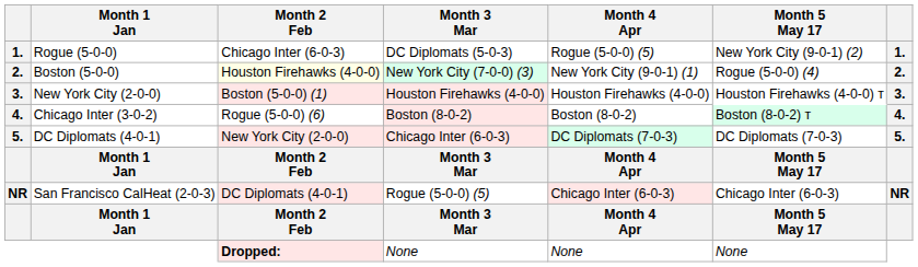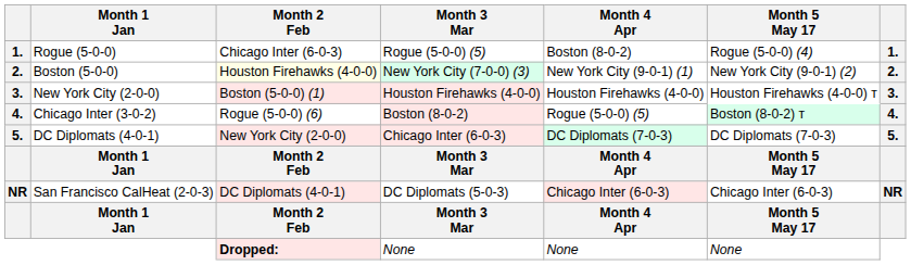 <table class="wikitable" style="font-size:90%; white-space:nowrap;background-color:white">
 <tr>
 <th></th>
 <th>Month 1<br>Jan</th>
 <th>Month 2<br>Feb</th>
 <th>Month 3<br>Mar</th>
 <th>Month 4<br>Apr</th>
 <th>Month 5<br>May 17</th>
 <th></th>
 </tr>
 <tr>
 <th>1.</th>
 <td>Rogue (5-0-0)</td>
 <td>Chicago Inter (6-0-3)</td>
-<td>DC Diplomats (5-0-3)</td>
 <td>Rogue (5-0-0) <em>(5)</em></td>
-<td>New York City (9-0-1) <em>(2)</em></td>
+<td>Boston (8-0-2)</td>
+<td>Rogue (5-0-0) <em>(4)</em></td>
 <th>1.</th>
 </tr>
 <tr>
 <th>2.</th>
 <td>Boston (5-0-0)</td>
 <td style="background-color:#FFFFE6">Houston Firehawks (4-0-0)</td>
 <td style="background-color:#D8FFEB">New York City (7-0-0) <em>(3)</em></td>
 <td>New York City (9-0-1) <em>(1)</em></td>
-<td>Rogue (5-0-0) <em>(4)</em></td>
+<td>New York City (9-0-1) <em>(2)</em></td>
 <th>2.</th>
 </tr>
 <tr>
 <th>3.</th>
 <td>New York City (2-0-0)</td>
 <td style="background-color:#FFE6E6">Boston (5-0-0) <em>(1)</em></td>
 <td style="background-color:#FFE6E6">Houston Firehawks (4-0-0)</td>
 <td>Houston Firehawks (4-0-0)</td>
 <td style="background-color:white;border-bottom:1px solid white">Houston Firehawks (4-0-0) т</td>
 <th>3.</th>
 </tr>
 <tr>
 <th>4.</th>
 <td>Chicago Inter (3-0-2)</td>
 <td>Rogue (5-0-0) <em>(6)</em></td>
 <td style="background-color:#FFE6E6">Boston (8-0-2)</td>
-<td>Boston (8-0-2)</td>
+<td>Rogue (5-0-0) <em>(5)</em></td>
 <td style="background-color:#D8FFEB">Boston (8-0-2) т</td>
 <th>4.</th>
 </tr>
 <tr>
 <th>5.</th>
 <td>DC Diplomats (4-0-1)</td>
 <td style="background-color:#FFE6E6">New York City (2-0-0)</td>
 <td style="background-color:#FFE6E6">Chicago Inter (6-0-3)</td>
 <td style="background-color:#D8FFEB">DC Diplomats (7-0-3)</td>
 <td>DC Diplomats (7-0-3)</td>
 <th>5.</th>
 </tr>
 <tr>
 <th></th>
 <th>Month 1<br>Jan </th>
 <th>Month 2<br>Feb </th>
 <th>Month 3<br>Mar </th>
 <th>Month 4<br>Apr </th>
 <th>Month 5<br>May 17</th>
 <th></th>
 </tr>
 <tr>
 <th>NR</th>
 <td>San Francisco CalHeat (2-0-3)</td>
 <td style="background-color:#FFE6E6">DC Diplomats (4-0-1)</td>
-<td>Rogue (5-0-0) <em>(5)</em></td>
+<td>DC Diplomats (5-0-3)</td>
 <td style="background-color:#FFE6E6">Chicago Inter (6-0-3)</td>
 <td>Chicago Inter (6-0-3)</td>
 <th>NR</th>
 </tr>
 <tr>
 <th></th>
 <th>Month 1<br>Jan </th>
 <th>Month 2<br>Feb </th>
 <th>Month 3<br>Mar </th>
 <th>Month 4<br>Apr </th>
 <th>Month 5<br>May 17</th>
 <th></th>
 </tr>
 <tr>
 <td colspan="2"  style="background:transparent;border-bottom-style:hidden;border-left-style:hidden"></td>
 <td style="vertical-align:top;background-color:#FFE6E6"><strong>Dropped:</strong><br></td>
 <td style="vertical-align:top;background-color:#FFFFFF"><em>None</em></td>
 <td style="vertical-align:top;background-color:#FFFFFF"><em>None</em></td>
 <td style="vertical-align:top;background-color:#FFFFFF"><em>None</em></td>
 <td style="background:transparent;border-bottom-style:hidden;border-right-style:hidden"></td>
 </tr>
 </table>
